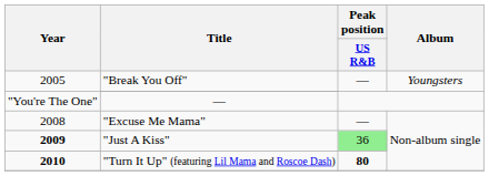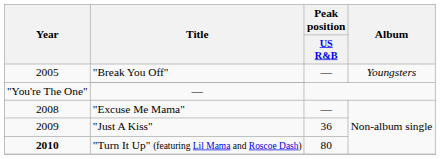 <table class="wikitable" style="text-align:center;">
 <tr>
 <th rowspan="2">Year</th>
 <th rowspan="2">Title</th>
 <th colspan="1">Peak<br>position</th>
 <th rowspan="2">Album</th>
 </tr>
 <tr>
 <th style="width:3em;font-size:90%;"><a href='#'>US<br>R&B</a><br></th>
 </tr>
 <tr>
 <td rowspan="2">2005</td>
 <td style="text-align:left;">"Break You Off"</td>
 <td>—</td>
 <td rowspan="2"><em>Youngsters</em></td>
 </tr>
 <tr>
 </tr>
 <tr>
 <td style="text-align:left;">"You're The One"</td>
 <td>—</td>
 </tr>
 <tr>
 <td>2008</td>
 <td style="text-align:left;">"Excuse Me Mama"</td>
 <td>—</td>
 <td rowspan="3">Non-album single</td>
 </tr>
 <tr>
-<td><strong>2009</strong></td>
+<td>2009</td>
 <td style="text-align:left;">"Just A Kiss"</td>
-<td style="background: lightgreen;">36</td>
+<td>36</td>
 </tr>
 <tr>
 <td><strong>2010</strong></td>
 <td style="text-align:left;">"Turn It Up" <small>(featuring <a href='#'>Lil Mama</a> and <a href='#'>Roscoe Dash</a>)</small></td>
-<td><strong>80</strong></td>
+<td>80</td>
 </tr>
 <tr>
 </tr>
 </table>
